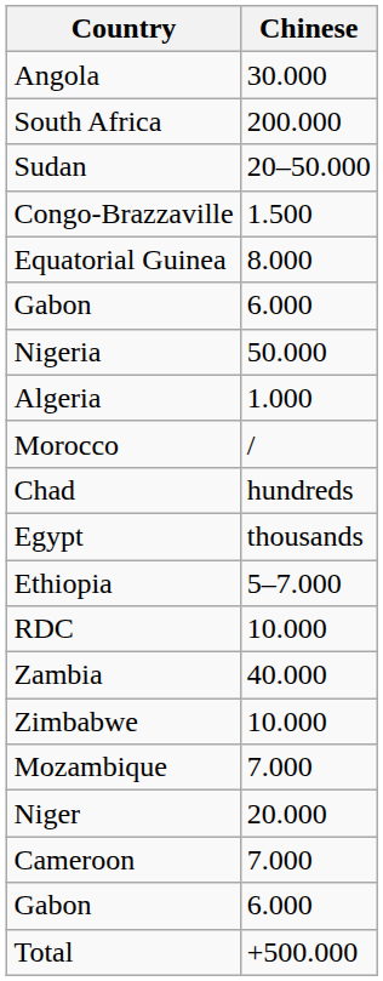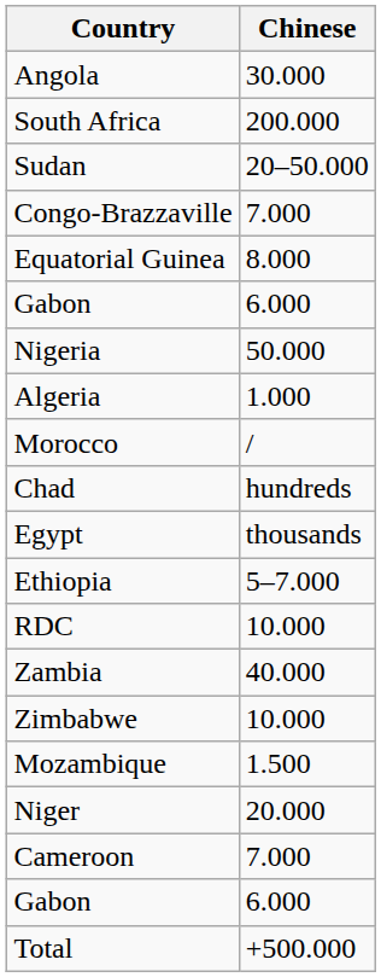 <table class="wikitable sortable" " align="right">
 <tr>
 <th>Country</th>
 <th>Chinese </th>
 </tr>
 <tr>
 <td>Angola</td>
 <td>30.000 </td>
 </tr>
 <tr>
 <td>South Africa</td>
 <td>200.000</td>
 </tr>
 <tr>
 <td>Sudan</td>
 <td>20–50.000 </td>
 </tr>
 <tr>
 <td>Congo-Brazzaville</td>
-<td>1.500</td>
+<td>7.000 </td>
 </tr>
 <tr>
 <td>Equatorial Guinea</td>
 <td>8.000 </td>
 </tr>
 <tr>
 <td>Gabon</td>
 <td>6.000 </td>
 </tr>
 <tr>
 <td>Nigeria</td>
 <td>50.000 </td>
 </tr>
 <tr>
 <td>Algeria</td>
 <td>1.000</td>
 </tr>
 <tr>
 <td>Morocco</td>
 <td>/ </td>
 </tr>
 <tr>
 <td>Chad</td>
 <td>hundreds </td>
 </tr>
 <tr>
 <td>Egypt</td>
 <td>thousands</td>
 </tr>
 <tr>
 <td>Ethiopia</td>
 <td>5–7.000</td>
 </tr>
 <tr>
 <td>RDC</td>
 <td>10.000</td>
 </tr>
 <tr>
 <td>Zambia</td>
 <td>40.000</td>
 </tr>
 <tr>
 <td>Zimbabwe</td>
 <td>10.000</td>
 </tr>
 <tr>
 <td>Mozambique</td>
-<td>7.000 </td>
+<td>1.500</td>
 </tr>
 <tr>
 <td>Niger</td>
 <td>20.000 </td>
 </tr>
 <tr>
 <td>Cameroon</td>
 <td>7.000</td>
 </tr>
 <tr>
 <td>Gabon</td>
 <td>6.000</td>
 </tr>
 <tr>
 <td>Total</td>
 <td>+500.000 </td>
 </tr>
 </table>
